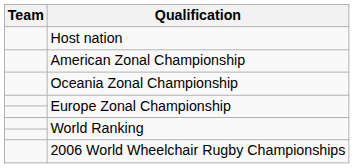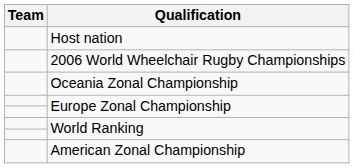 <table class="wikitable">
 <tr>
 <th>Team</th>
 <th>Qualification</th>
 </tr>
 <tr>
 <td></td>
 <td>Host nation</td>
 </tr>
 <tr>
 <td></td>
-<td>American Zonal Championship</td>
+<td>2006 World Wheelchair Rugby Championships</td>
 </tr>
 <tr>
 <td></td>
 <td>Oceania Zonal Championship</td>
 </tr>
 <tr>
 <td></td>
 <td rowspan=2>Europe Zonal Championship</td>
 </tr>
 <tr>
 <td></td>
 </tr>
 <tr>
 <td></td>
 <td rowspan=2>World Ranking</td>
 </tr>
 <tr>
 <td></td>
 </tr>
 <tr>
 <td></td>
-<td>2006 World Wheelchair Rugby Championships</td>
+<td>American Zonal Championship</td>
 </tr>
 </table>
